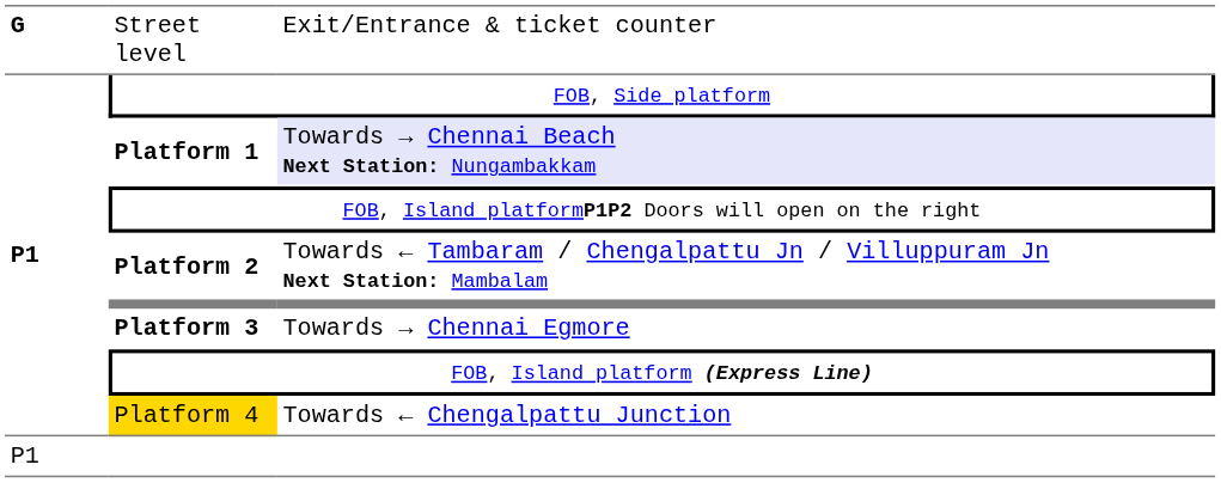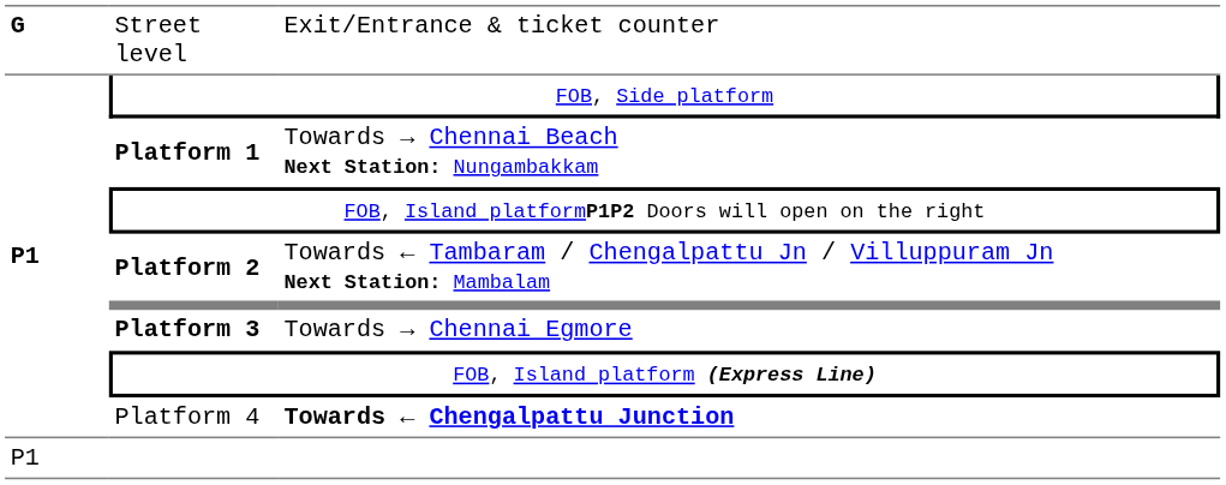 <table cellpadding="3" cellspacing="0" border="0">
 <tr>
 <td valign="top" width="30" style="border-top:solid 1px gray;border-bottom:solid 1px gray;"><strong>G</strong></td>
 <td valign="top" width="85" style="border-top:solid 1px gray;border-bottom:solid 1px gray;">Street level</td>
 <td valign="top" width="500" style="border-top:solid 1px gray;border-bottom:solid 1px gray;">Exit/Entrance & ticket counter</td>
 </tr>
 <tr>
 <td rowspan="7" style="border-bottom:solid 1px gray;" width="30" valign="center"><strong>P1</strong></td>
 <td colspan="2" style="border-right:solid 2px black;border-left:solid 2px black;border-bottom:solid 2px black;text-align:center;"><a href='#'><small>FOB</small></a><small>, <a href='#'>Side platform</a></small></td>
 </tr>
 <tr>
 <td width="85" style="border-bottom:solid 1px white;"><span><strong>Platform 1</strong></span></td>
-<td width="500" style="background: lavender; border-bottom:solid 1px white;">Towards → <a href='#'>Chennai Beach</a><br><small><strong>Next Station:</strong> <a href='#'>Nungambakkam</a></small></td>
+<td width="500" style="border-bottom:solid 1px white;">Towards → <a href='#'>Chennai Beach</a><br><small><strong>Next Station:</strong> <a href='#'>Nungambakkam</a></small></td>
 </tr>
 <tr>
 <td colspan="2" style="border-top:solid 2px black;border-right:solid 2px black;border-left:solid 2px black;border-bottom:solid 2px black;text-align:center;"><a href='#'><small>FOB</small></a><small>, <a href='#'>Island platform</a><strong>P1</strong><strong>P2</strong> Doors will open on the right</small></td>
 </tr>
 <tr>
 <td width="85" style="border-bottom:solid 5px gray;"><span><strong>Platform 2</strong></span></td>
 <td width="500" style="border-bottom:solid 5px gray;">Towards ← <a href='#'>Tambaram</a> / <a href='#'>Chengalpattu Jn</a> / <a href='#'>Villuppuram Jn</a><br><small><strong>Next Station:</strong> <a href='#'>Mambalam</a></small></td>
 </tr>
 <tr>
 <td width="85" style="border-bottom:solid 1px white;"><span><strong>Platform 3</strong></span></td>
 <td style="border-bottom:solid 1px white;" width="500">Towards → <a href='#'>Chennai Egmore</a></td>
 </tr>
 <tr>
 <td colspan="2" style="border-top:solid 2px black;border-right:solid 2px black;border-left:solid 2px black;border-bottom:solid 2px black;text-align:center;"><a href='#'><small>FOB</small></a><small>, <a href='#'>Island platform</a> <strong></strong> <strong><em>(Express Line)<strong><em></small></td>
 </tr>
 <tr>
-<td width="85" style="background: gold; border-bottom:solid 1px gray;"><span></strong>Platform 4<strong></span></td>
-<td style="border-bottom:solid 1px gray;" width="500">Towards ← <a href='#'>Chengalpattu Junction</a></td>
+<td width="85" style="border-bottom:solid 1px gray;"><span></strong>Platform 4<strong></span></td>
+<td style="border-bottom:solid 1px gray;" width="500"><strong>Towards ← <a href='#'>Chengalpattu Junction</a></strong></td>
 </tr>
 <tr>
 <td style="border-bottom:solid 1px gray;" width="50" valign="top"></strong>P1<strong></td>
 <td style="border-bottom:solid 1px gray;" width="50" valign="top"></td>
 <td style="border-bottom:solid 1px gray;" width="50" valign="top"></td>
 </tr>
 <tr>
 </tr>
 </table>
